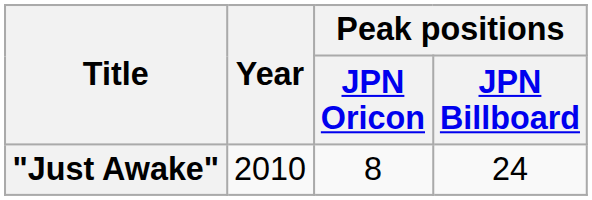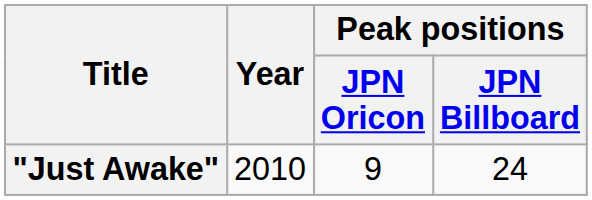 <table class="wikitable plainrowheaders" style="text-align:center;">
 <tr>
 <th scope="col" rowspan="2">Title</th>
 <th scope="col" rowspan="2">Year</th>
 <th scope="col" colspan="2">Peak positions</th>
 </tr>
 <tr>
 <th scope="col" style="width:50px"><a href='#'>JPN<br>Oricon</a></th>
 <th scope="col" style="width:50px"><a href='#'>JPN<br>Billboard</a></th>
 </tr>
 <tr>
 <th scope="row">"Just Awake"</th>
 <td rowspan="1">2010</td>
-<td>8</td>
+<td>9</td>
 <td>24</td>
 </tr>
 </table>
